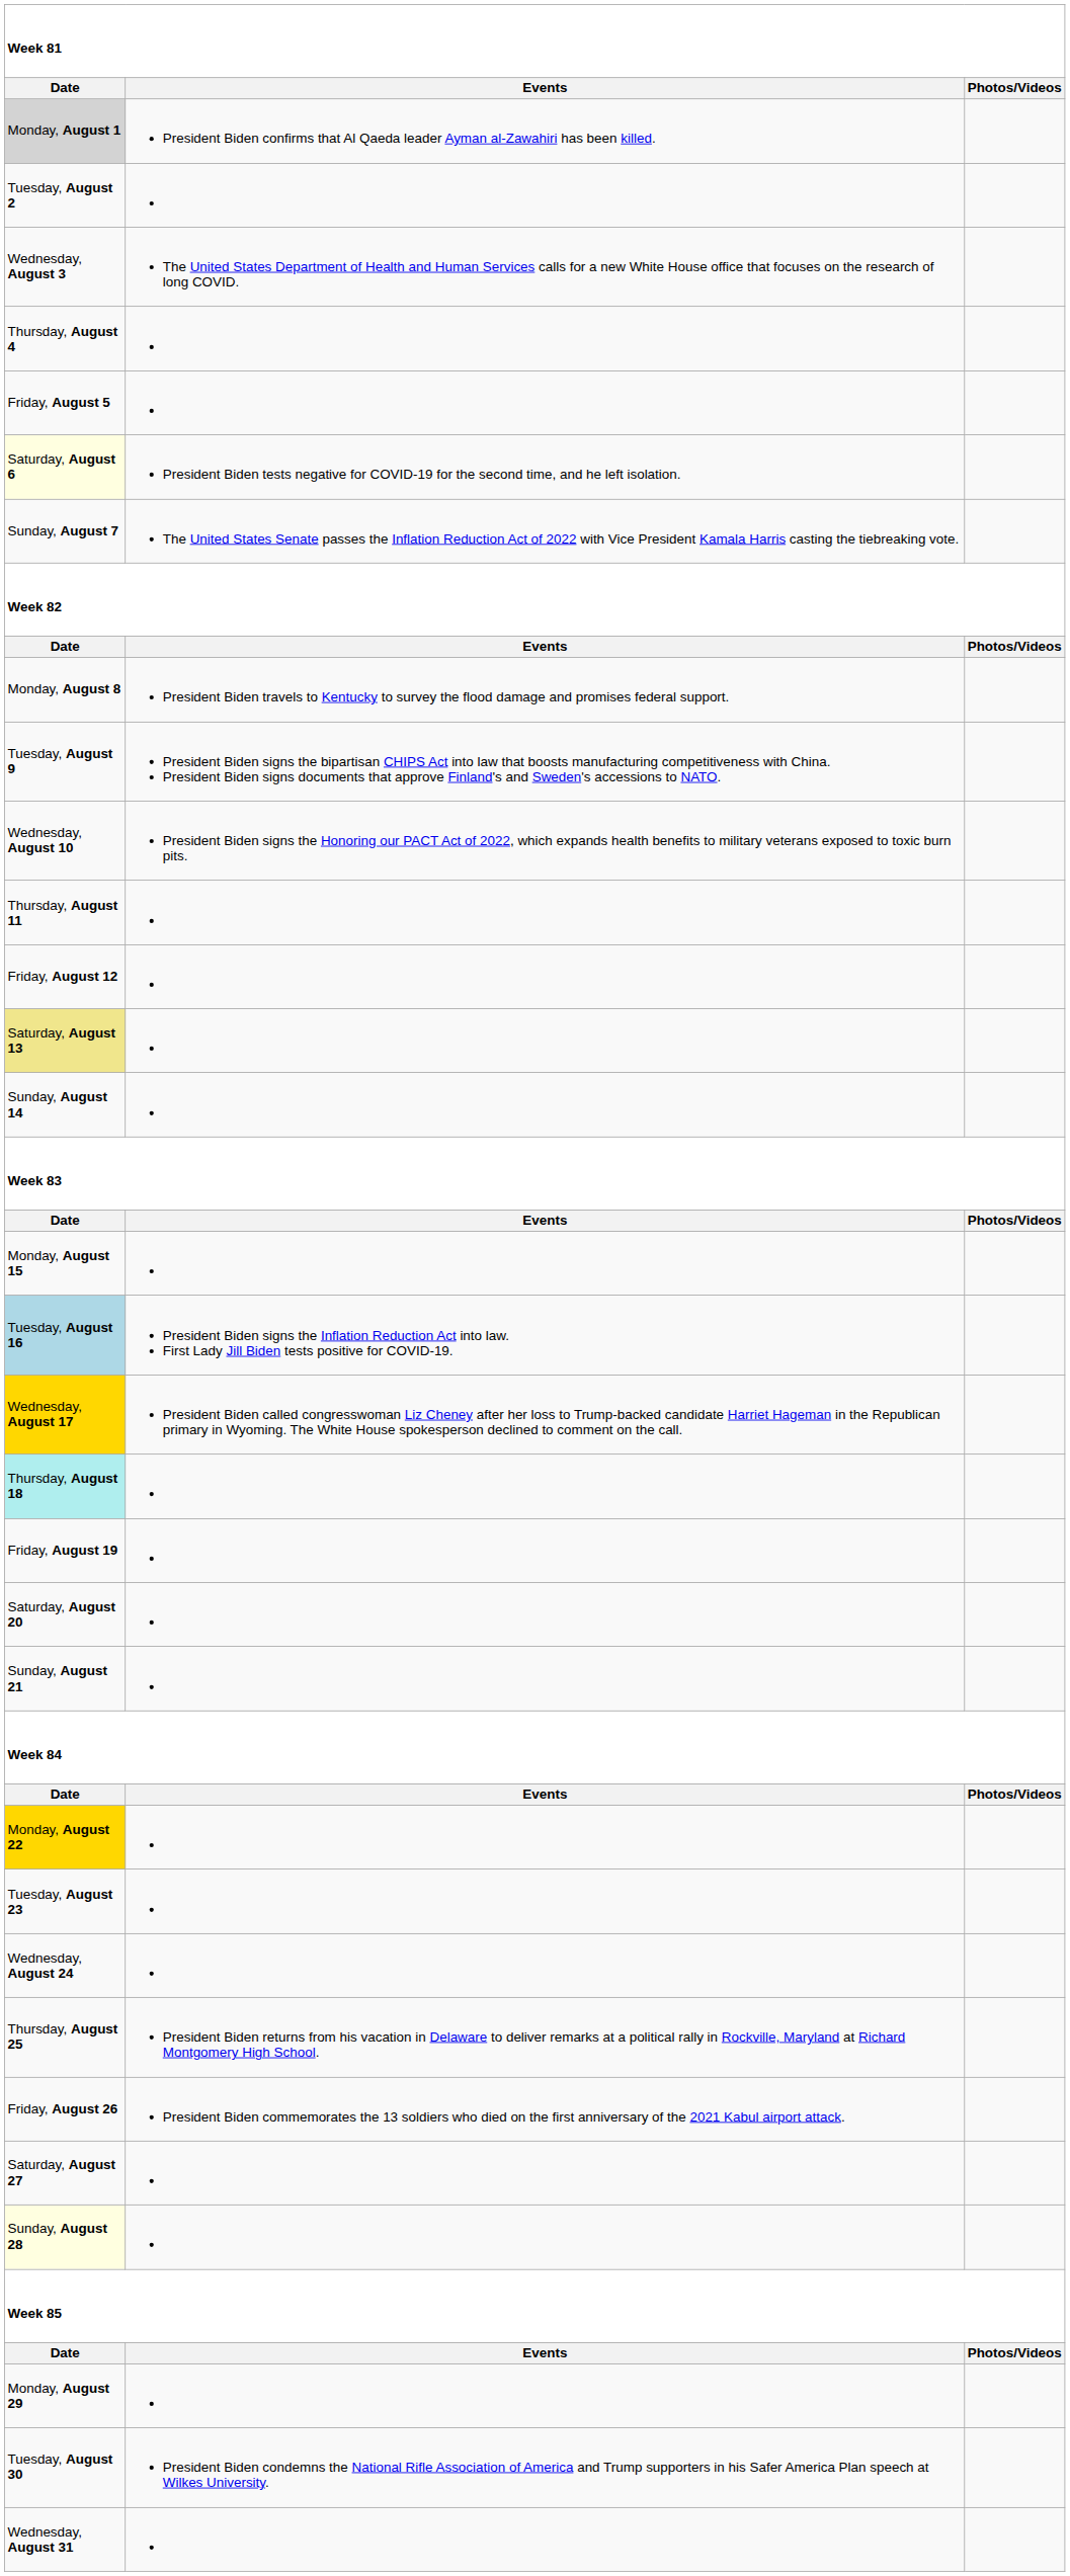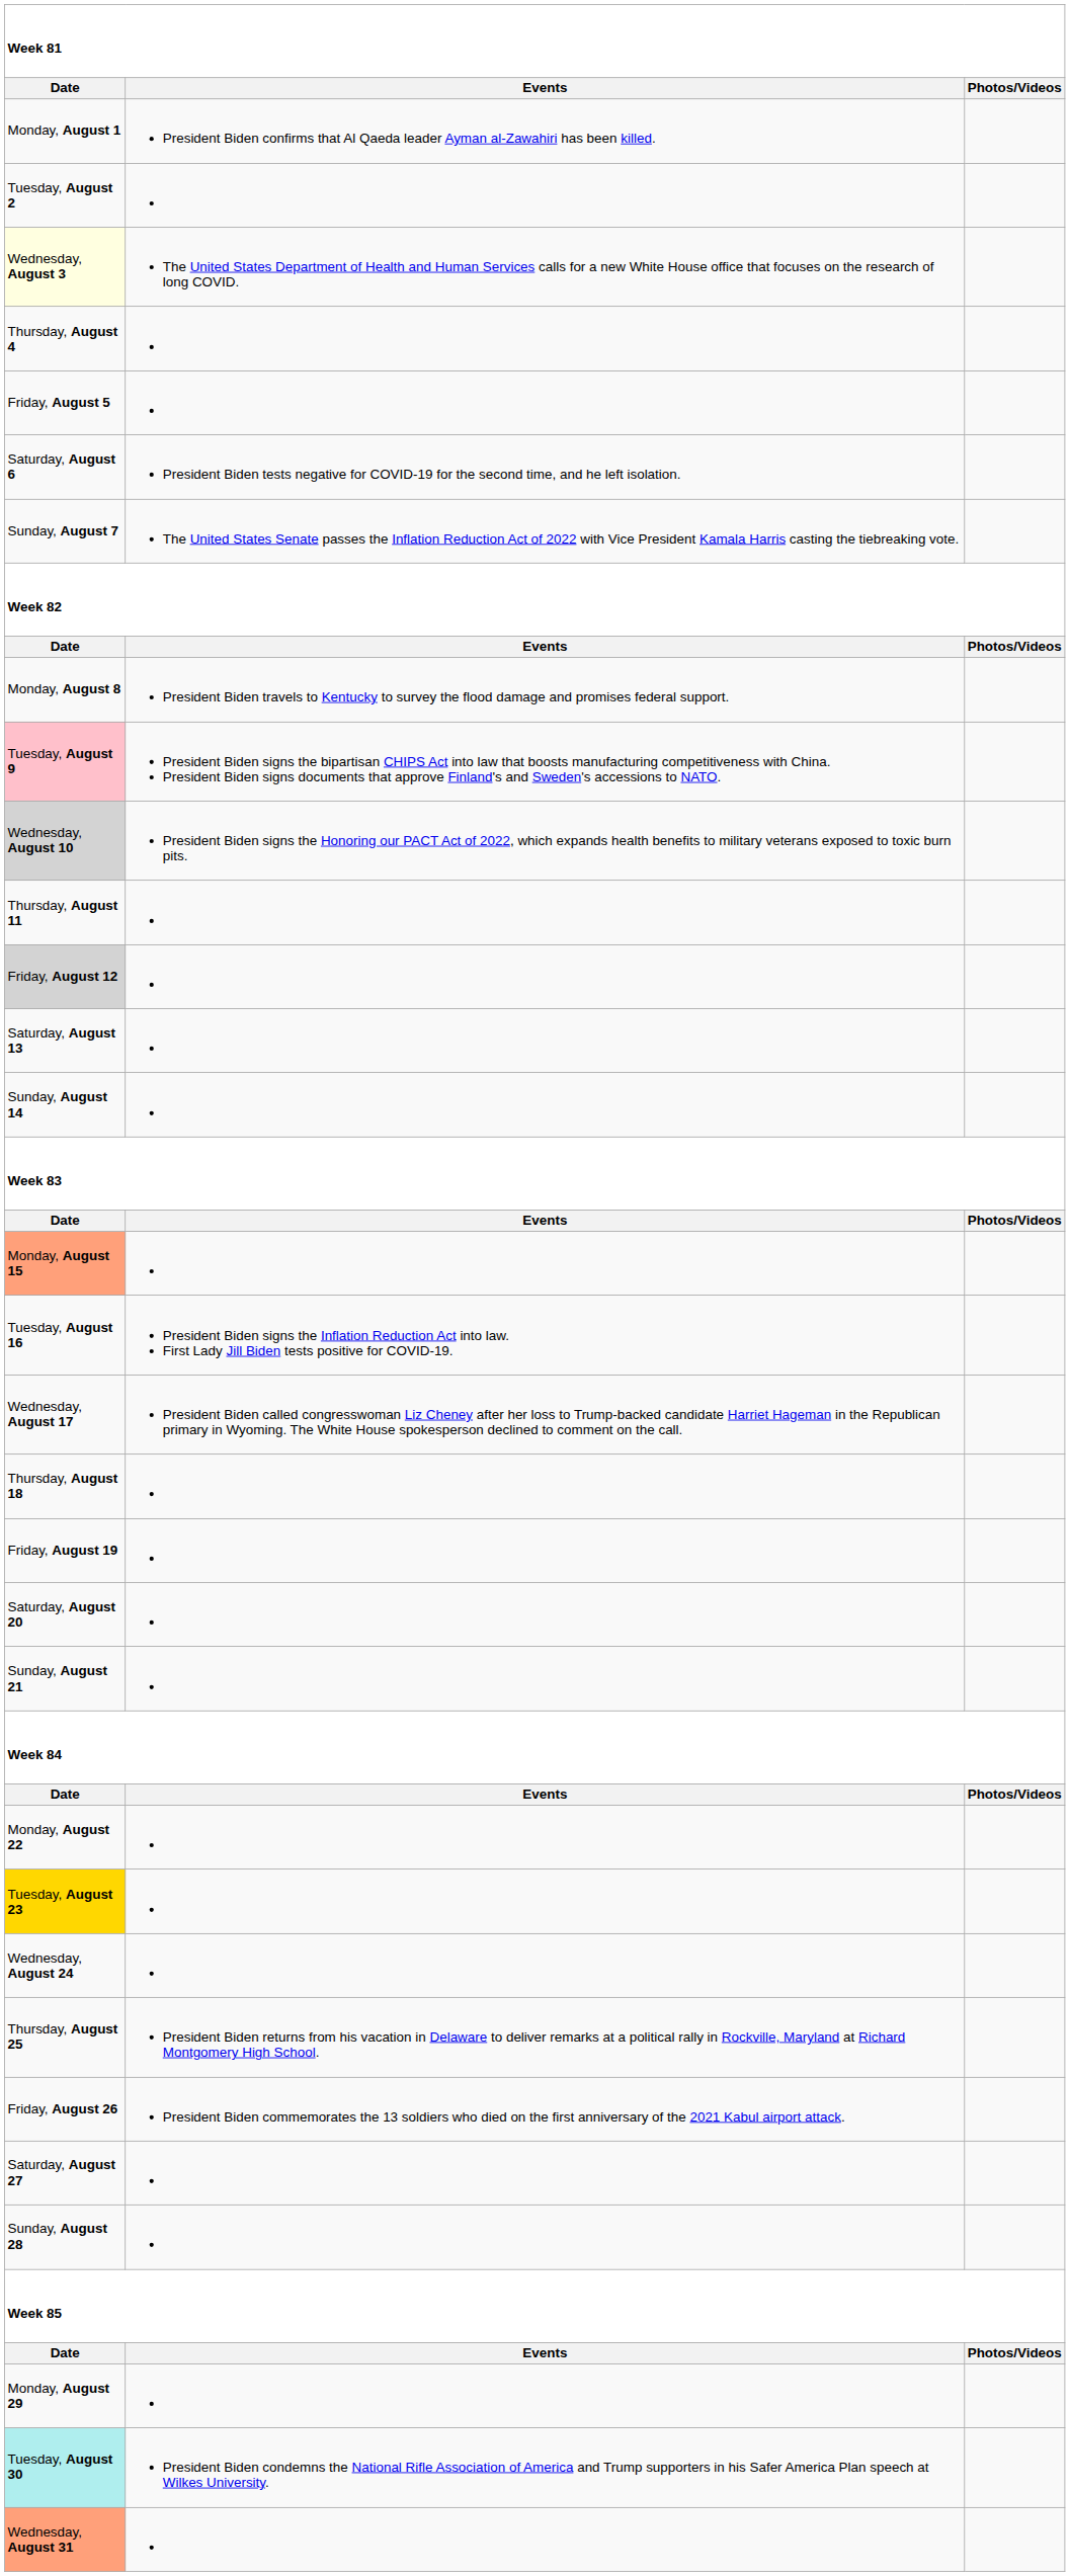 <table class="wikitable">
 <tr style="background:white;">
 <td colspan="3"><br><h4>Week 81</h4></td>
 </tr>
 <tr>
 <th>Date</th>
 <th>Events</th>
 <th>Photos/Videos</th>
 </tr>
 <tr>
-<td style="background: lightgrey;">Monday, <strong>August 1</strong></td>
+<td>Monday, <strong>August 1</strong></td>
 <td><br><ul><li>President Biden confirms that Al Qaeda leader <a href='#'>Ayman al-Zawahiri</a> has been <a href='#'>killed</a>.</li></ul></td>
 <td></td>
 </tr>
 <tr>
 <td>Tuesday, <strong>August 2</strong></td>
 <td><br><ul><li></li></ul></td>
 <td></td>
 </tr>
 <tr>
-<td>Wednesday, <strong>August 3</strong></td>
+<td style="background: lightyellow;">Wednesday, <strong>August 3</strong></td>
 <td><br><ul><li>The <a href='#'>United States Department of Health and Human Services</a> calls for a new White House office that focuses on the research of long COVID.</li></ul></td>
 <td></td>
 </tr>
 <tr>
 <td>Thursday, <strong>August 4</strong></td>
 <td><br><ul><li></li></ul></td>
 <td></td>
 </tr>
 <tr>
 <td>Friday, <strong>August 5</strong></td>
 <td><br><ul><li></li></ul></td>
 <td></td>
 </tr>
 <tr>
-<td style="background: lightyellow;">Saturday, <strong>August 6</strong></td>
+<td>Saturday, <strong>August 6</strong></td>
 <td><br><ul><li>President Biden tests negative for COVID-19 for the second time, and he left isolation.</li></ul></td>
 <td></td>
 </tr>
 <tr>
 <td>Sunday, <strong>August 7</strong></td>
 <td><br><ul><li>The <a href='#'>United States Senate</a> passes the <a href='#'>Inflation Reduction Act of 2022</a> with Vice President <a href='#'>Kamala Harris</a> casting the tiebreaking vote.</li></ul></td>
 <td></td>
 </tr>
 <tr style="background:white;">
 <td colspan="3"><br><h4>Week 82</h4></td>
 </tr>
 <tr>
 <th>Date</th>
 <th>Events</th>
 <th>Photos/Videos</th>
 </tr>
 <tr>
 <td>Monday, <strong>August 8</strong></td>
 <td><br><ul><li>President Biden travels to <a href='#'>Kentucky</a> to survey the flood damage and promises federal support.</li></ul></td>
 <td></td>
 </tr>
 <tr>
-<td>Tuesday, <strong>August 9</strong></td>
+<td style="background: pink;">Tuesday, <strong>August 9</strong></td>
 <td><br><ul><li>President Biden signs the bipartisan <a href='#'>CHIPS Act</a> into law that boosts manufacturing competitiveness with China.</li><li>President Biden signs documents that approve <a href='#'>Finland</a>'s and <a href='#'>Sweden</a>'s accessions to <a href='#'>NATO</a>.</li></ul></td>
 <td><br></td>
 </tr>
 <tr>
-<td>Wednesday, <strong>August 10</strong></td>
+<td style="background: lightgrey;">Wednesday, <strong>August 10</strong></td>
 <td><br><ul><li>President Biden signs the <a href='#'>Honoring our PACT Act of 2022</a>, which expands health benefits to military veterans exposed to toxic burn pits.</li></ul></td>
 <td></td>
 </tr>
 <tr>
 <td>Thursday, <strong>August 11</strong></td>
 <td><br><ul><li></li></ul></td>
 <td></td>
 </tr>
 <tr>
-<td>Friday, <strong>August 12</strong></td>
+<td style="background: lightgrey;">Friday, <strong>August 12</strong></td>
 <td><br><ul><li></li></ul></td>
 <td></td>
 </tr>
 <tr>
-<td style="background: khaki;">Saturday, <strong>August 13</strong></td>
+<td>Saturday, <strong>August 13</strong></td>
 <td><br><ul><li></li></ul></td>
 <td></td>
 </tr>
 <tr>
 <td>Sunday, <strong>August 14</strong></td>
 <td><br><ul><li></li></ul></td>
 <td></td>
 </tr>
 <tr style="background:white;">
 <td colspan="3"><br><h4>Week 83</h4></td>
 </tr>
 <tr>
 <th>Date</th>
 <th>Events</th>
 <th>Photos/Videos</th>
 </tr>
 <tr>
-<td>Monday, <strong>August 15</strong></td>
+<td style="background: lightsalmon;">Monday, <strong>August 15</strong></td>
 <td><br><ul><li></li></ul></td>
 <td></td>
 </tr>
 <tr>
-<td style="background: lightblue;">Tuesday, <strong>August 16</strong></td>
+<td>Tuesday, <strong>August 16</strong></td>
 <td><br><ul><li>President Biden signs the <a href='#'>Inflation Reduction Act</a> into law.</li><li>First Lady <a href='#'>Jill Biden</a> tests positive for COVID-19.</li></ul></td>
 <td></td>
 </tr>
 <tr>
-<td style="background: gold;">Wednesday, <strong>August 17</strong></td>
+<td>Wednesday, <strong>August 17</strong></td>
 <td><br><ul><li>President Biden called congresswoman <a href='#'>Liz Cheney</a> after her loss to Trump-backed candidate <a href='#'>Harriet Hageman</a> in the Republican primary in Wyoming. The White House spokesperson declined to comment on the call.</li></ul></td>
 <td></td>
 </tr>
 <tr>
-<td style="background: paleturquoise;">Thursday, <strong>August 18</strong></td>
+<td>Thursday, <strong>August 18</strong></td>
 <td><br><ul><li></li></ul></td>
 <td></td>
 </tr>
 <tr>
 <td>Friday, <strong>August 19</strong></td>
 <td><br><ul><li></li></ul></td>
 <td></td>
 </tr>
 <tr>
 <td>Saturday, <strong>August 20</strong></td>
 <td><br><ul><li></li></ul></td>
 <td></td>
 </tr>
 <tr>
 <td>Sunday, <strong>August 21</strong></td>
 <td><br><ul><li></li></ul></td>
 <td></td>
 </tr>
 <tr style="background:white;">
 <td colspan="3"><br><h4>Week 84</h4></td>
 </tr>
 <tr>
 <th>Date</th>
 <th>Events</th>
 <th>Photos/Videos</th>
 </tr>
 <tr>
-<td style="background: gold;">Monday, <strong>August 22</strong></td>
+<td>Monday, <strong>August 22</strong></td>
 <td><br><ul><li></li></ul></td>
 <td></td>
 </tr>
 <tr>
-<td>Tuesday, <strong>August 23</strong></td>
+<td style="background: gold;">Tuesday, <strong>August 23</strong></td>
 <td><br><ul><li></li></ul></td>
 <td></td>
 </tr>
 <tr>
 <td>Wednesday, <strong>August 24</strong></td>
 <td><br><ul><li></li></ul></td>
 <td></td>
 </tr>
 <tr>
 <td>Thursday, <strong>August 25</strong></td>
 <td><br><ul><li>President Biden returns from his vacation in <a href='#'>Delaware</a> to deliver remarks at a political rally in <a href='#'>Rockville, Maryland</a> at <a href='#'>Richard Montgomery High School</a>.</li></ul></td>
 <td></td>
 </tr>
 <tr>
 <td>Friday, <strong>August 26</strong></td>
 <td><br><ul><li>President Biden commemorates the 13 soldiers who died on the first anniversary of the <a href='#'>2021 Kabul airport attack</a>.</li></ul></td>
 <td></td>
 </tr>
 <tr>
 <td>Saturday, <strong>August 27</strong></td>
 <td><br><ul><li></li></ul></td>
 <td></td>
 </tr>
 <tr>
-<td style="background: lightyellow;">Sunday, <strong>August 28</strong></td>
+<td>Sunday, <strong>August 28</strong></td>
 <td><br><ul><li></li></ul></td>
 <td></td>
 </tr>
 <tr style="background:white;">
 <td colspan="3"><br><h4>Week 85</h4></td>
 </tr>
 <tr>
 <th>Date</th>
 <th>Events</th>
 <th>Photos/Videos</th>
 </tr>
 <tr>
 <td>Monday, <strong>August 29</strong></td>
 <td><br><ul><li></li></ul></td>
 <td></td>
 </tr>
 <tr>
-<td>Tuesday, <strong>August 30</strong></td>
+<td style="background: paleturquoise;">Tuesday, <strong>August 30</strong></td>
 <td><br><ul><li>President Biden condemns the <a href='#'>National Rifle Association of America</a> and Trump supporters in his Safer America Plan speech at <a href='#'>Wilkes University</a>.</li></ul></td>
 <td></td>
 </tr>
 <tr>
-<td>Wednesday, <strong>August 31</strong></td>
+<td style="background: lightsalmon;">Wednesday, <strong>August 31</strong></td>
 <td><br><ul><li></li></ul></td>
 <td></td>
 </tr>
 </table>
